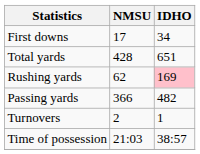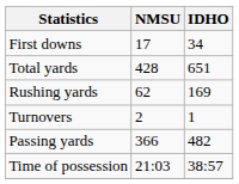 <table class="wikitable" style="float: left;">
 <tr>
 <th>Statistics</th>
 <th>NMSU</th>
 <th>IDHO</th>
 </tr>
 <tr>
 <td>First downs</td>
 <td>17</td>
 <td>34</td>
 </tr>
 <tr>
 <td>Total yards</td>
 <td>428</td>
 <td>651</td>
 </tr>
 <tr>
 <td>Rushing yards</td>
 <td>62</td>
-<td style="background: pink;">169</td>
+<td>169</td>
+</tr>
+<tr>
+<td>Turnovers</td>
+<td>2</td>
+<td>1</td>
 </tr>
 <tr>
 <td>Passing yards</td>
 <td>366</td>
 <td>482</td>
-</tr>
-<tr>
-<td>Turnovers</td>
-<td>2</td>
-<td>1</td>
 </tr>
 <tr>
 <td>Time of possession</td>
 <td>21:03</td>
 <td>38:57</td>
 </tr>
 <tr>
 </tr>
 </table>
